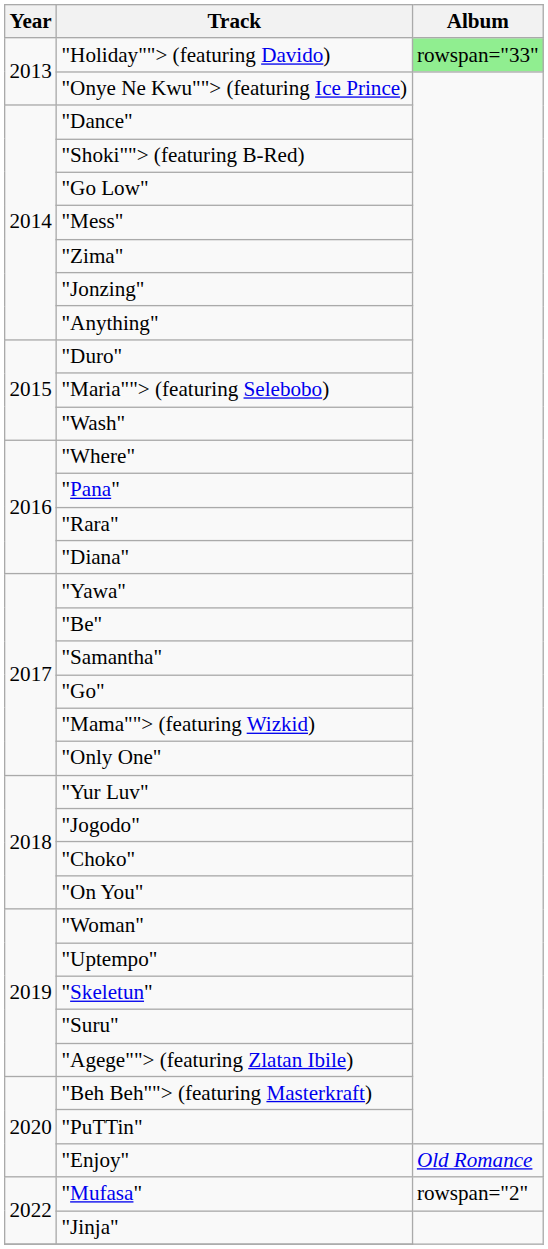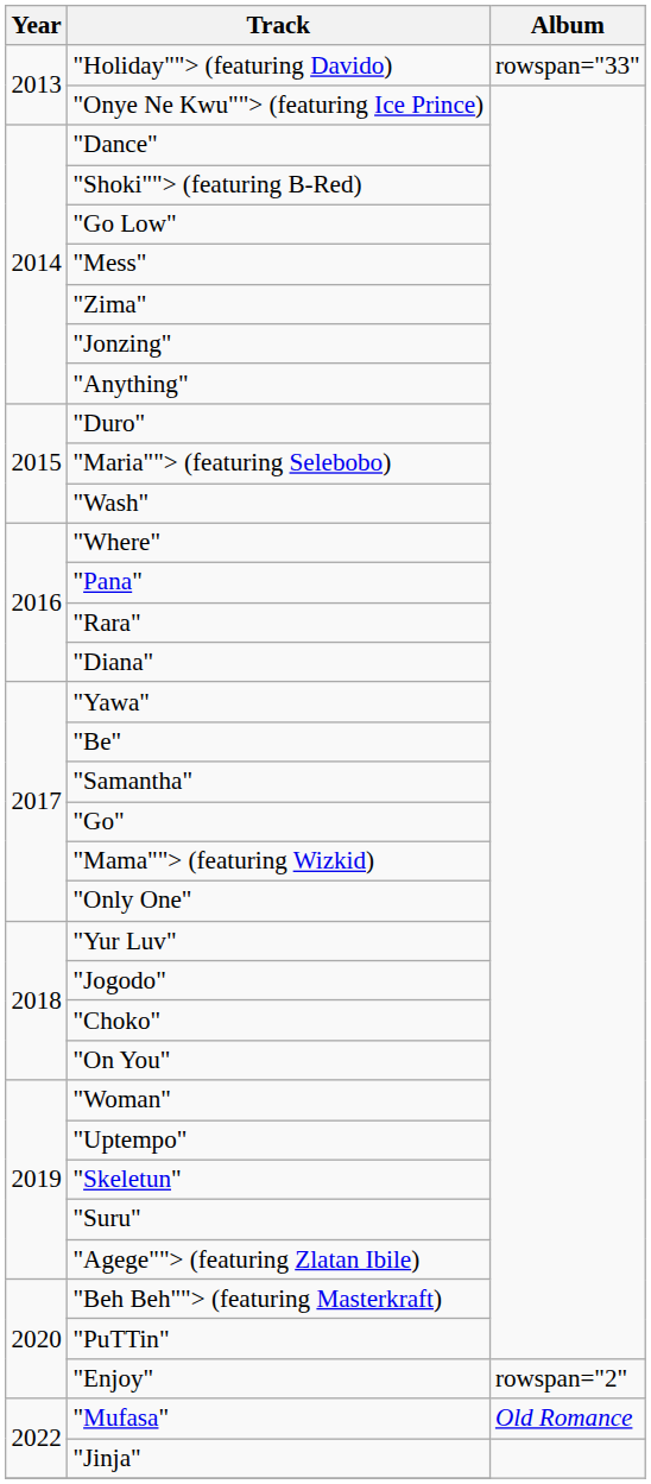 <table class="wikitable sortable">
 <tr>
 <th>Year</th>
 <th>Track</th>
 <th>Album</th>
 </tr>
 <tr>
 <td rowspan="2">2013</td>
 <td>"Holiday"<span>"> (featuring <a href='#'>Davido</a>)</span></td>
-<td style="background: lightgreen;">rowspan="33" </td>
+<td>rowspan="33" </td>
 </tr>
 <tr>
 <td>"Onye Ne Kwu"<span>"> (featuring <a href='#'>Ice Prince</a>)</span></td>
 </tr>
 <tr>
 <td rowspan="7">2014</td>
 <td>"Dance"</td>
 </tr>
 <tr>
 <td>"Shoki"<span>"> (featuring B-Red)</span></td>
 </tr>
 <tr>
 <td>"Go Low"</td>
 </tr>
 <tr>
 <td>"Mess"</td>
 </tr>
 <tr>
 <td>"Zima"</td>
 </tr>
 <tr>
 <td>"Jonzing"</td>
 </tr>
 <tr>
 <td>"Anything"</td>
 </tr>
 <tr>
 <td rowspan="3">2015</td>
 <td>"Duro"</td>
 </tr>
 <tr>
 <td>"Maria"<span>"> (featuring <a href='#'>Selebobo</a>)</span></td>
 </tr>
 <tr>
 <td>"Wash"</td>
 </tr>
 <tr>
 <td rowspan="4">2016</td>
 <td>"Where"</td>
 </tr>
 <tr>
 <td>"<a href='#'>Pana</a>" </td>
 </tr>
 <tr>
 <td>"Rara"</td>
 </tr>
 <tr>
 <td>"Diana"</td>
 </tr>
 <tr>
 <td rowspan="6">2017</td>
 <td>"Yawa"</td>
 </tr>
 <tr>
 <td>"Be"</td>
 </tr>
 <tr>
 <td>"Samantha"</td>
 </tr>
 <tr>
 <td>"Go"</td>
 </tr>
 <tr>
 <td>"Mama"<span>"> (featuring <a href='#'>Wizkid</a>)</span></td>
 </tr>
 <tr>
 <td>"Only One"</td>
 </tr>
 <tr>
 <td rowspan="4">2018</td>
 <td>"Yur Luv"</td>
 </tr>
 <tr>
 <td>"Jogodo"</td>
 </tr>
 <tr>
 <td>"Choko"</td>
 </tr>
 <tr>
 <td>"On You"</td>
 </tr>
 <tr>
 <td rowspan="5">2019</td>
 <td>"Woman"</td>
 </tr>
 <tr>
 <td>"Uptempo"</td>
 </tr>
 <tr>
 <td>"<a href='#'>Skeletun</a>"</td>
 </tr>
 <tr>
 <td>"Suru"</td>
 </tr>
 <tr>
 <td>"Agege"<span>"> (featuring <a href='#'>Zlatan Ibile</a>)</span></td>
 </tr>
 <tr>
 <td rowspan="3">2020</td>
 <td>"Beh Beh"<span>"> (featuring <a href='#'>Masterkraft</a>)</span></td>
 </tr>
 <tr>
 <td>"PuTTin"</td>
 </tr>
 <tr>
 <td>"Enjoy"</td>
-<td><em><a href='#'>Old Romance</a></em></td>
+<td>rowspan="2" </td>
 </tr>
 <tr>
 <td rowspan="2">2022</td>
 <td>"<a href='#'>Mufasa</a>"</td>
-<td>rowspan="2" </td>
+<td><em><a href='#'>Old Romance</a></em></td>
 </tr>
 <tr>
 <td>"Jinja"</td>
 </tr>
 <tr>
 </tr>
 </table>
